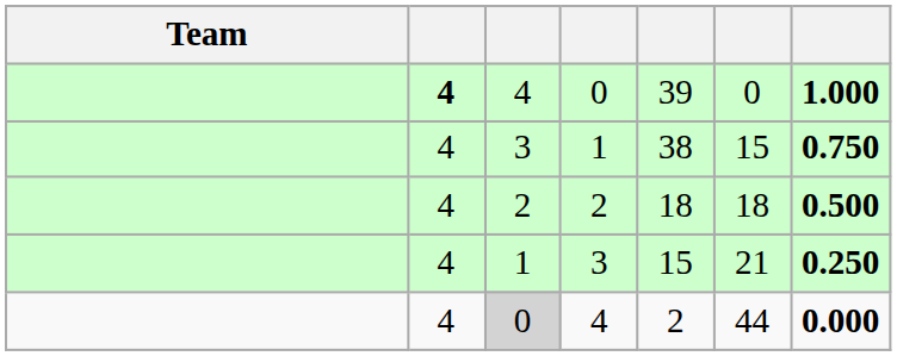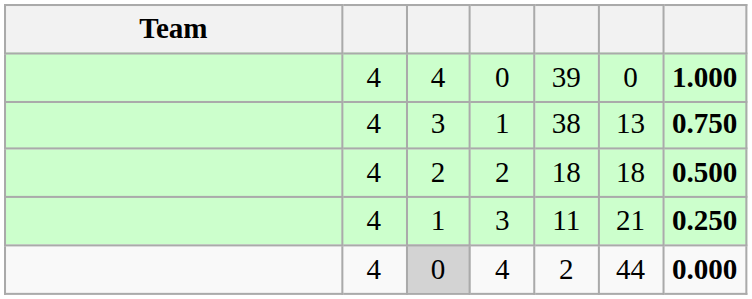 <table class="wikitable" style="text-align: center; font-size:90% ">
 <tr>
 <th width=160>Team</th>
 <th width=25></th>
 <th width=25></th>
 <th width=25></th>
 <th width=25></th>
 <th width=25></th>
 <th width=35></th>
 </tr>
 <tr bgcolor="ccffcc">
 <td align=left></td>
-<td><strong>4</strong></td>
+<td>4</td>
 <td>4</td>
 <td>0</td>
 <td>39</td>
 <td>0</td>
 <td><strong>1.000</strong></td>
 </tr>
 <tr bgcolor="ccffcc">
 <td align=left></td>
 <td>4</td>
 <td>3</td>
 <td>1</td>
 <td>38</td>
-<td>15</td>
+<td>13</td>
 <td><strong>0.750</strong></td>
 </tr>
 <tr bgcolor="ccffcc">
 <td align=left></td>
 <td>4</td>
 <td>2</td>
 <td>2</td>
 <td>18</td>
 <td>18</td>
 <td><strong>0.500</strong></td>
 </tr>
 <tr bgcolor="ccffcc">
 <td align=left></td>
 <td>4</td>
 <td>1</td>
 <td>3</td>
-<td>15</td>
+<td>11</td>
 <td>21</td>
 <td><strong>0.250</strong></td>
 </tr>
 <tr>
 <td align=left></td>
 <td>4</td>
 <td style="background: lightgrey;">0</td>
 <td>4</td>
 <td>2</td>
 <td>44</td>
 <td><strong>0.000</strong></td>
 </tr>
 </table>
